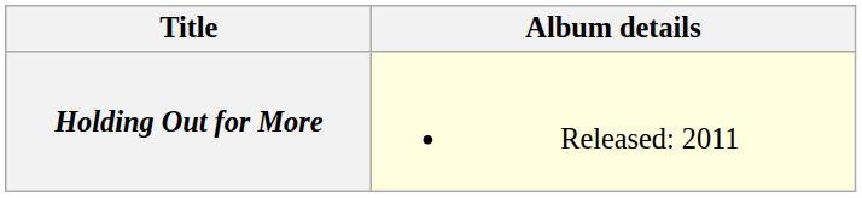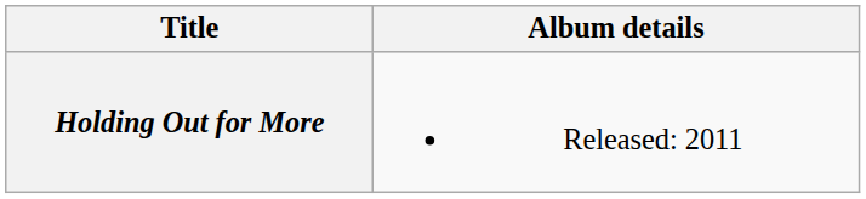 <table class="wikitable plainrowheaders" style="text-align:center;" border="1">
 <tr>
 <th scope="col" style="width:12em;">Title</th>
 <th scope="col" style="width:16em;">Album details</th>
 </tr>
 <tr>
 <th scope="row"><em>Holding Out for More</em></th>
-<td style="background: lightyellow;"><br><ul><li>Released: 2011</li></ul></td>
+<td><br><ul><li>Released: 2011</li></ul></td>
 </tr>
 </table>
